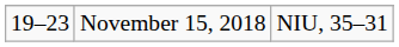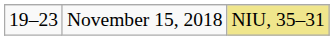 <table class="wikitable">
 <tr align="center">
 </tr>
 <tr align="center">
 <td>19–23</td>
 <td>November 15, 2018</td>
-<td>NIU, 35–31</td>
+<td style="background: khaki;">NIU, 35–31</td>
 </tr>
 </table>
